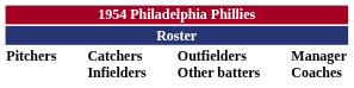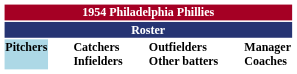 <table class="toccolours" style="font-size: 95%;">
 <tr>
 <th colspan="10" style="background:#a50024; color:white; text-align:center;">1954 Philadelphia Phillies</th>
 </tr>
 <tr>
 <td colspan="10" style="background:#263473; color:white; text-align:center;"><strong>Roster</strong></td>
 </tr>
 <tr>
-<td valign="top"><strong>Pitchers</strong><br>           </td>
+<td valign="top" style="background: lightblue;"><strong>Pitchers</strong><br>           </td>
 <td style="width:25px;"></td>
 <td valign="top"><strong>Catchers</strong><br>   <strong>Infielders</strong>        </td>
 <td style="width:25px;"></td>
 <td valign="top"><strong>Outfielders</strong><br>      <strong>Other batters</strong>  </td>
 <td style="width:25px;"></td>
 <td valign="top"><strong>Manager</strong><br>  <strong>Coaches</strong>     </td>
 </tr>
 </table>
